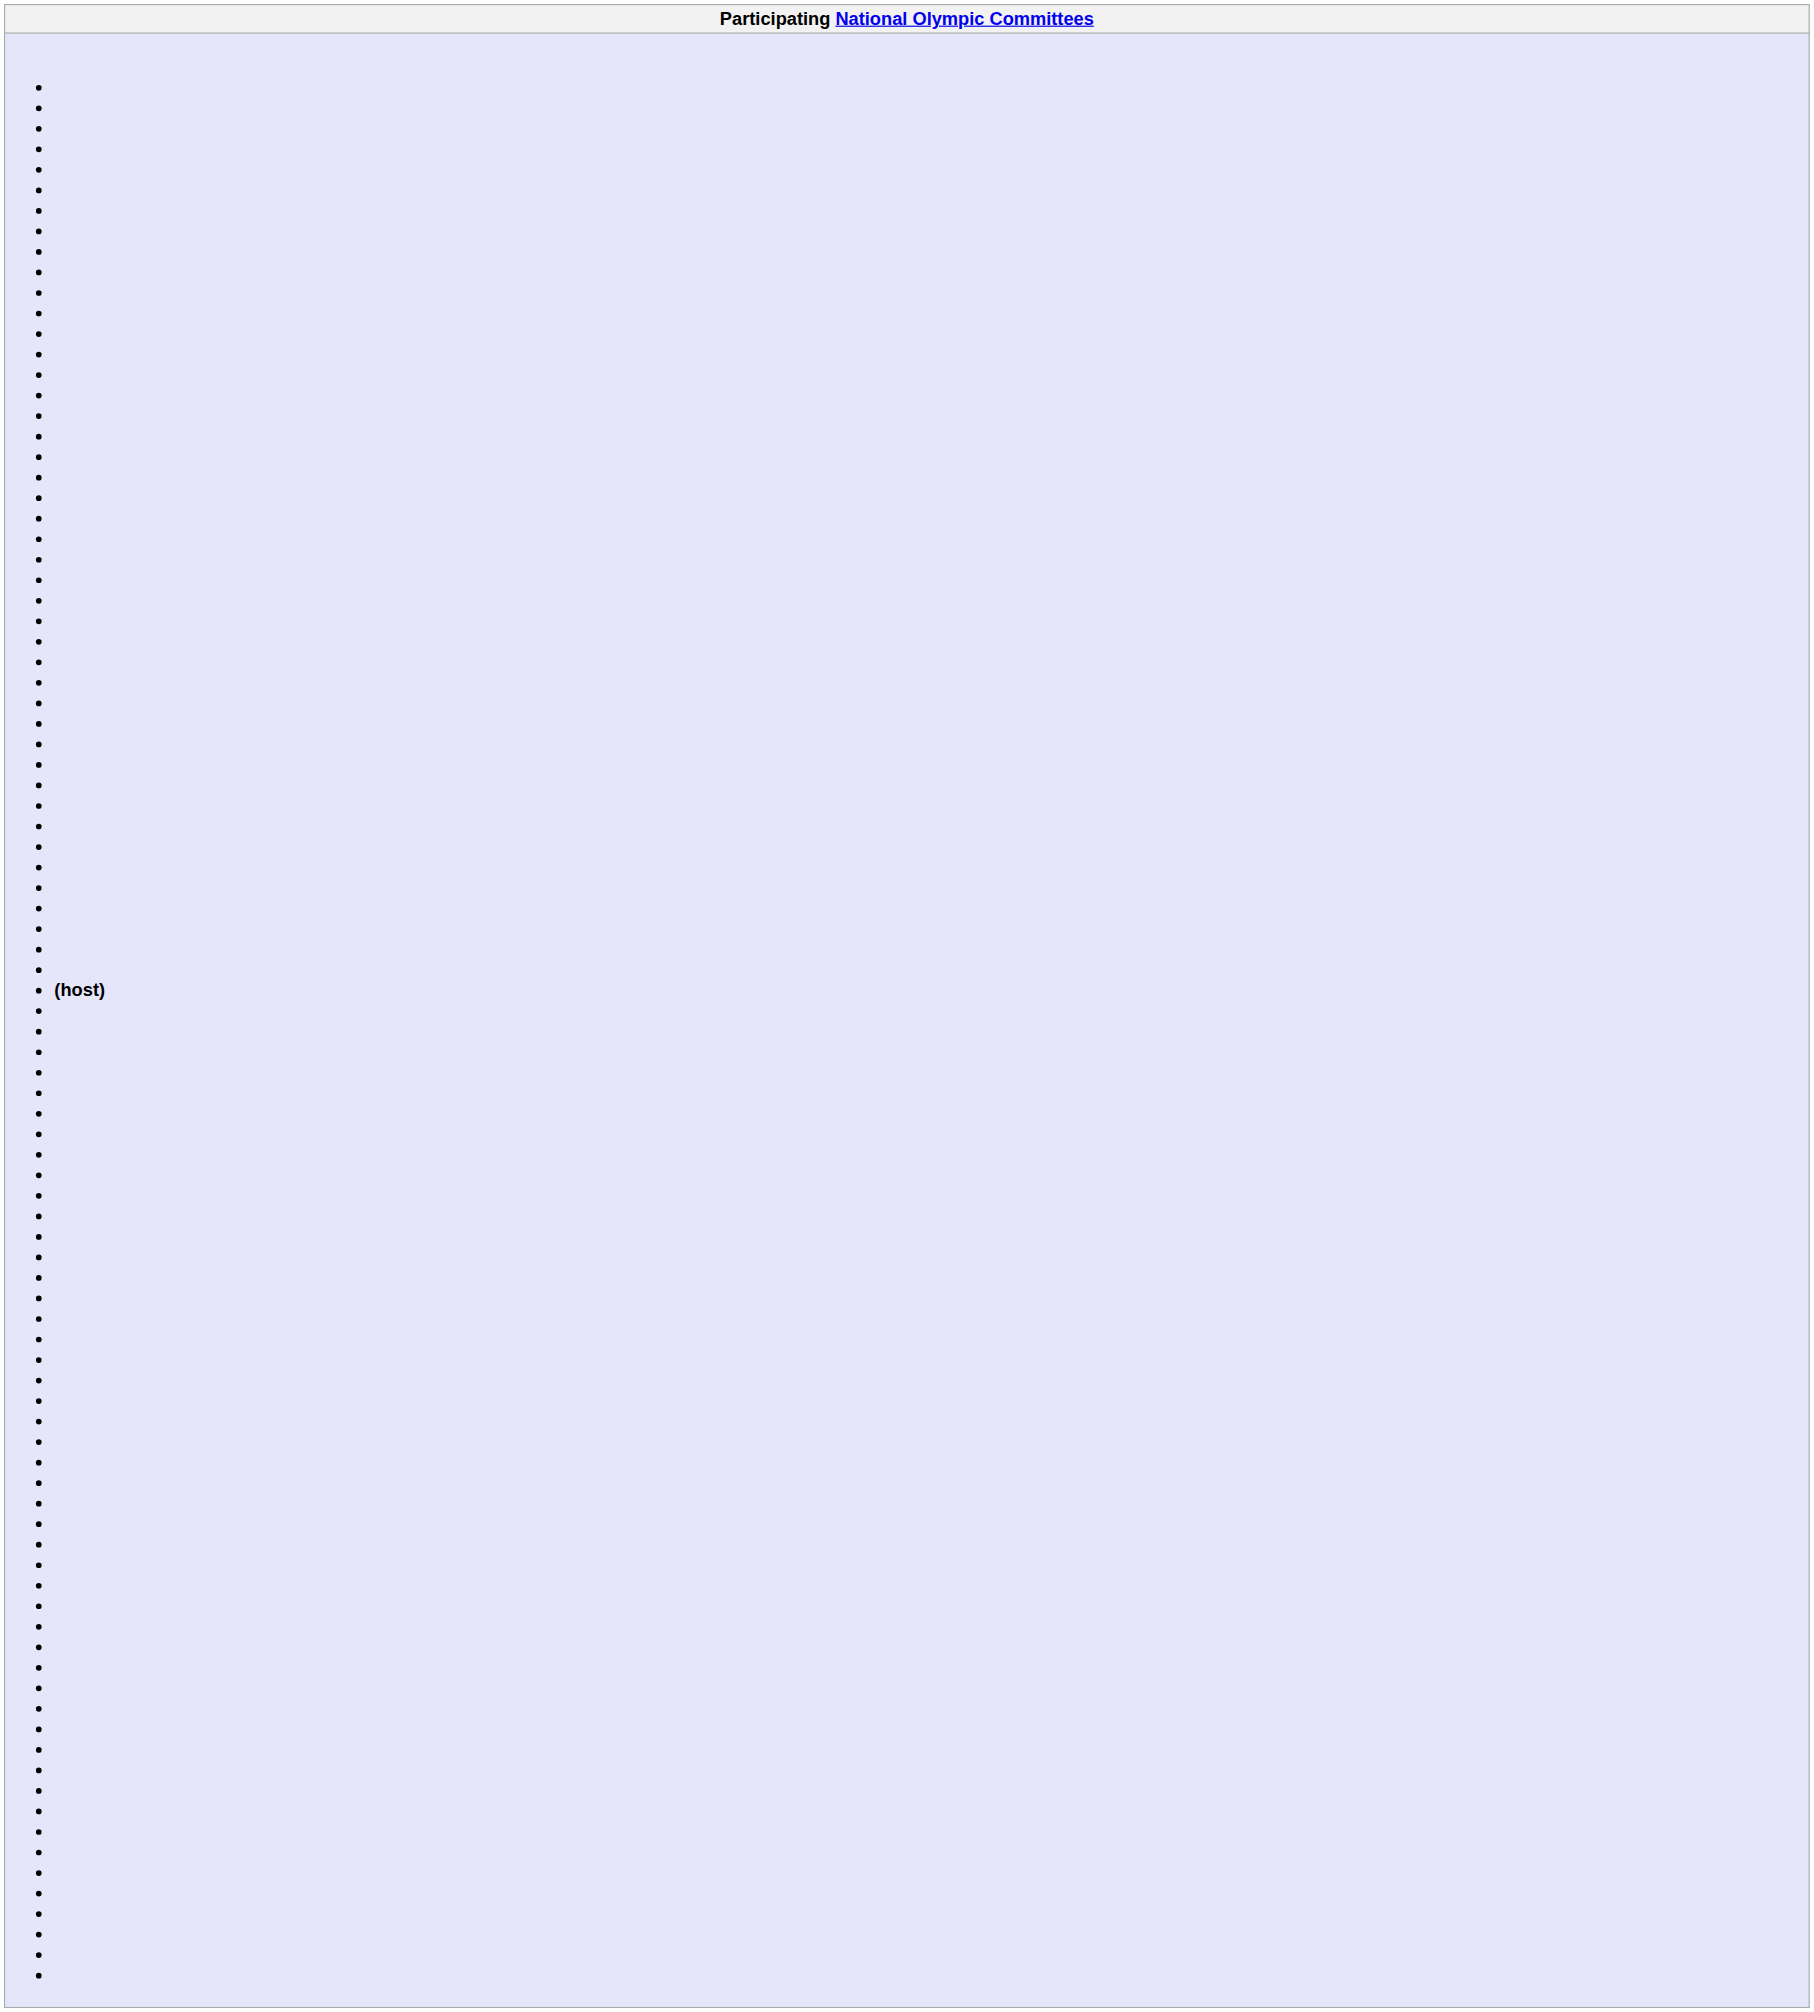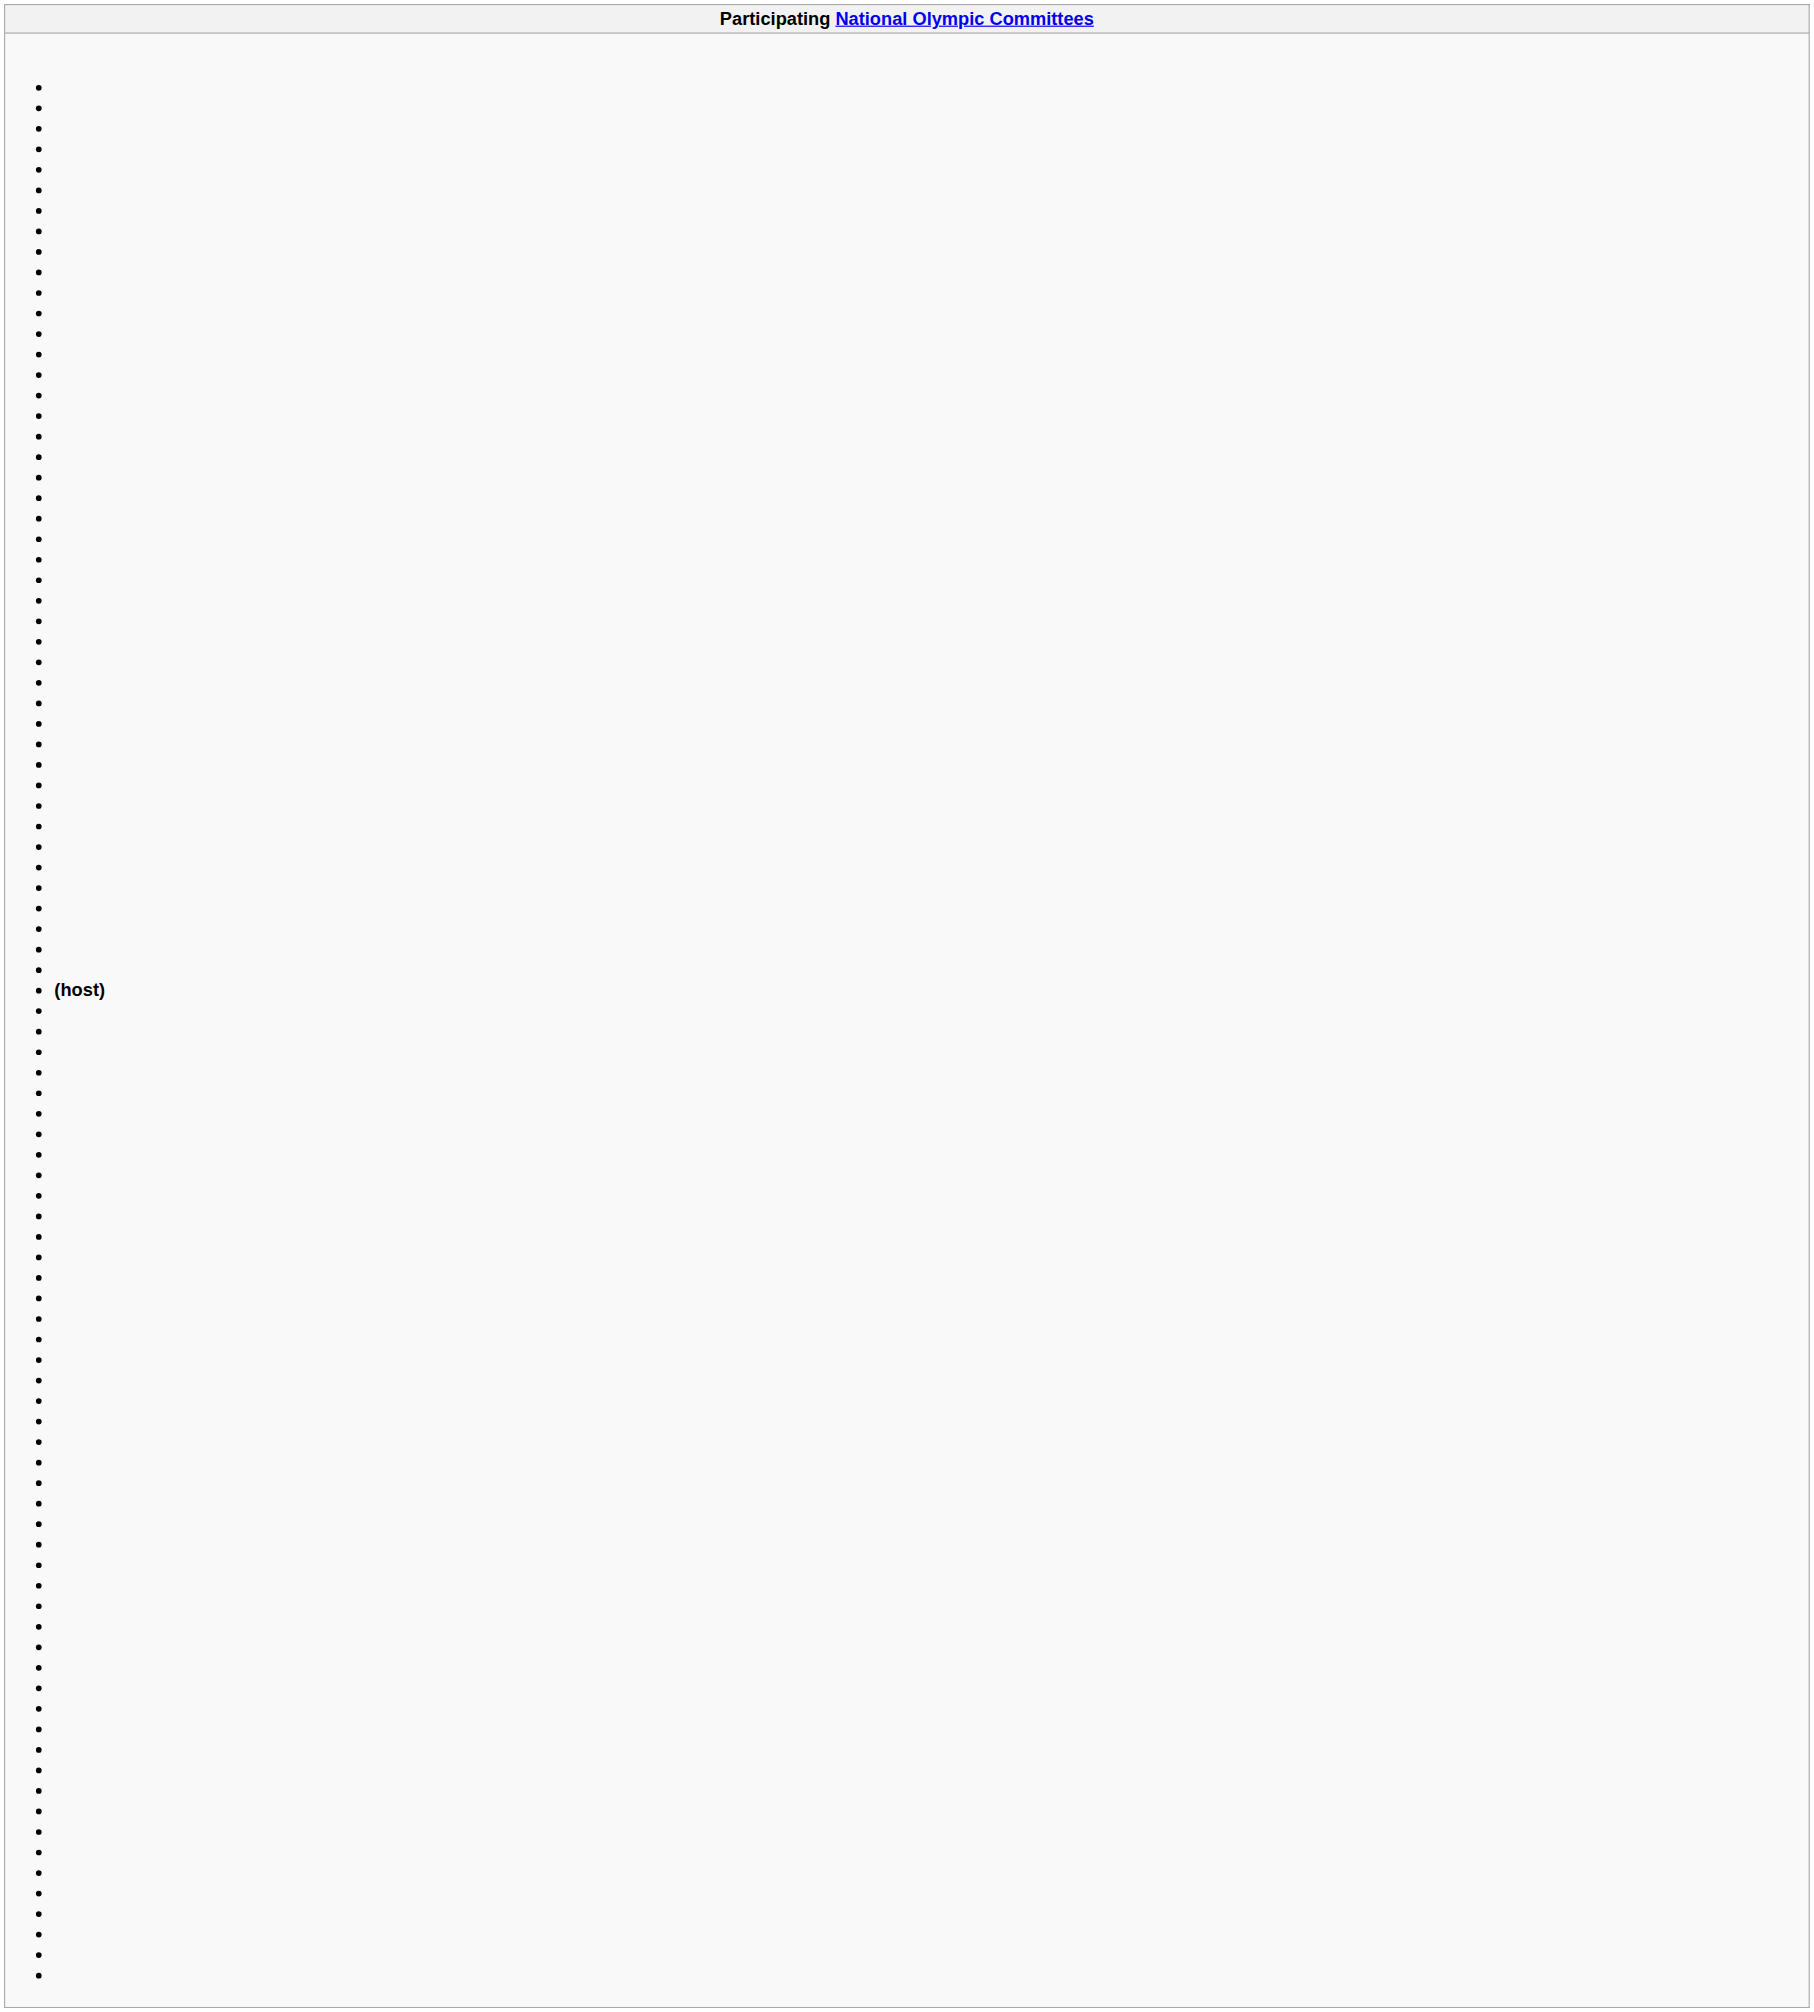 <table class="wikitable collapsible" style="width:100%; margin:auto;">
 <tr>
 <th>Participating <a href='#'>National Olympic Committees</a></th>
 </tr>
 <tr>
-<td style="background: lavender;"><br><ul><li></li><li></li><li></li><li></li><li></li><li></li><li></li><li></li><li></li><li></li><li></li><li></li><li></li><li></li><li></li><li></li><li></li><li></li><li></li><li></li><li></li><li></li><li></li><li></li><li></li><li></li><li></li><li></li><li></li><li></li><li></li><li></li><li></li><li></li><li></li><li></li><li></li><li></li><li></li><li></li><li></li><li></li><li></li><li></li><li> <strong>(host)</strong></li><li></li><li></li><li></li><li></li><li></li><li></li><li></li><li></li><li></li><li></li><li></li><li></li><li></li><li></li><li></li><li></li><li></li><li></li><li></li><li></li><li></li><li></li><li></li><li></li><li></li><li></li><li></li><li></li><li></li><li></li><li></li><li></li><li></li><li></li><li></li><li></li><li></li><li></li><li></li><li></li><li></li><li></li><li></li><li></li><li></li><li></li><li></li><li></li></ul></td>
+<td><br><ul><li></li><li></li><li></li><li></li><li></li><li></li><li></li><li></li><li></li><li></li><li></li><li></li><li></li><li></li><li></li><li></li><li></li><li></li><li></li><li></li><li></li><li></li><li></li><li></li><li></li><li></li><li></li><li></li><li></li><li></li><li></li><li></li><li></li><li></li><li></li><li></li><li></li><li></li><li></li><li></li><li></li><li></li><li></li><li></li><li> <strong>(host)</strong></li><li></li><li></li><li></li><li></li><li></li><li></li><li></li><li></li><li></li><li></li><li></li><li></li><li></li><li></li><li></li><li></li><li></li><li></li><li></li><li></li><li></li><li></li><li></li><li></li><li></li><li></li><li></li><li></li><li></li><li></li><li></li><li></li><li></li><li></li><li></li><li></li><li></li><li></li><li></li><li></li><li></li><li></li><li></li><li></li><li></li><li></li><li></li><li></li></ul></td>
 </tr>
 </table>
